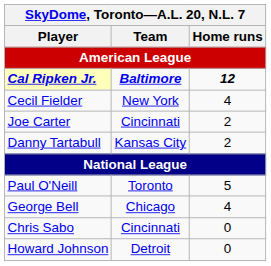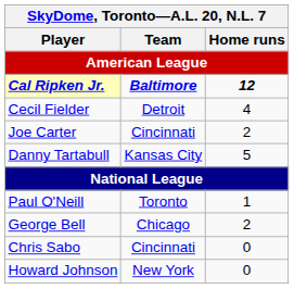 <table class="wikitable" style="text-align:right;">
 <tr>
 <th colspan="3"><a href='#'>SkyDome</a>, Toronto—A.L. 20, N.L. 7</th>
 </tr>
 <tr>
 <th>Player</th>
 <th>Team</th>
 <th>Home runs</th>
 </tr>
 <tr>
 <th colspan="3" style="text-align:center; background:#CC0001; color:#FFFFFF;">American League</th>
 </tr>
 <tr>
 <td align="left" style="background:#ffb"><strong><em><a href='#'>Cal Ripken Jr.</a></em></strong></td>
 <td style="text-align:center;"><strong><em><a href='#'>Baltimore</a></em></strong></td>
 <td style="text-align:center;"><strong><em>12</em></strong></td>
 </tr>
 <tr>
 <td align="left"><a href='#'>Cecil Fielder</a></td>
-<td style="text-align:center;"><a href='#'>New York</a></td>
+<td style="text-align:center;"><a href='#'>Detroit</a></td>
 <td style="text-align:center;">4</td>
 </tr>
 <tr>
 <td align="left"><a href='#'>Joe Carter</a></td>
 <td style="text-align:center;"><a href='#'>Cincinnati</a></td>
 <td style="text-align:center;">2</td>
 </tr>
 <tr>
 <td align="left"><a href='#'>Danny Tartabull</a></td>
 <td style="text-align:center;"><a href='#'>Kansas City</a></td>
-<td style="text-align:center;">2</td>
+<td style="text-align:center;">5</td>
 </tr>
 <tr>
 <th colspan="3" style="text-align:center; background:#020088; color:#FFFFFF;">National League</th>
 </tr>
 <tr>
 <td align="left"><a href='#'>Paul O'Neill</a></td>
 <td style="text-align:center;"><a href='#'>Toronto</a></td>
-<td style="text-align:center;">5</td>
+<td style="text-align:center;">1</td>
 </tr>
 <tr>
 <td align="left"><a href='#'>George Bell</a></td>
 <td style="text-align:center;"><a href='#'>Chicago</a></td>
-<td style="text-align:center;">4</td>
+<td style="text-align:center;">2</td>
 </tr>
 <tr>
 <td align="left"><a href='#'>Chris Sabo</a></td>
 <td style="text-align:center;"><a href='#'>Cincinnati</a></td>
 <td style="text-align:center;">0</td>
 </tr>
 <tr>
 <td align="left"><a href='#'>Howard Johnson</a></td>
-<td style="text-align:center;"><a href='#'>Detroit</a></td>
+<td style="text-align:center;"><a href='#'>New York</a></td>
 <td style="text-align:center;">0</td>
 </tr>
 </table>
